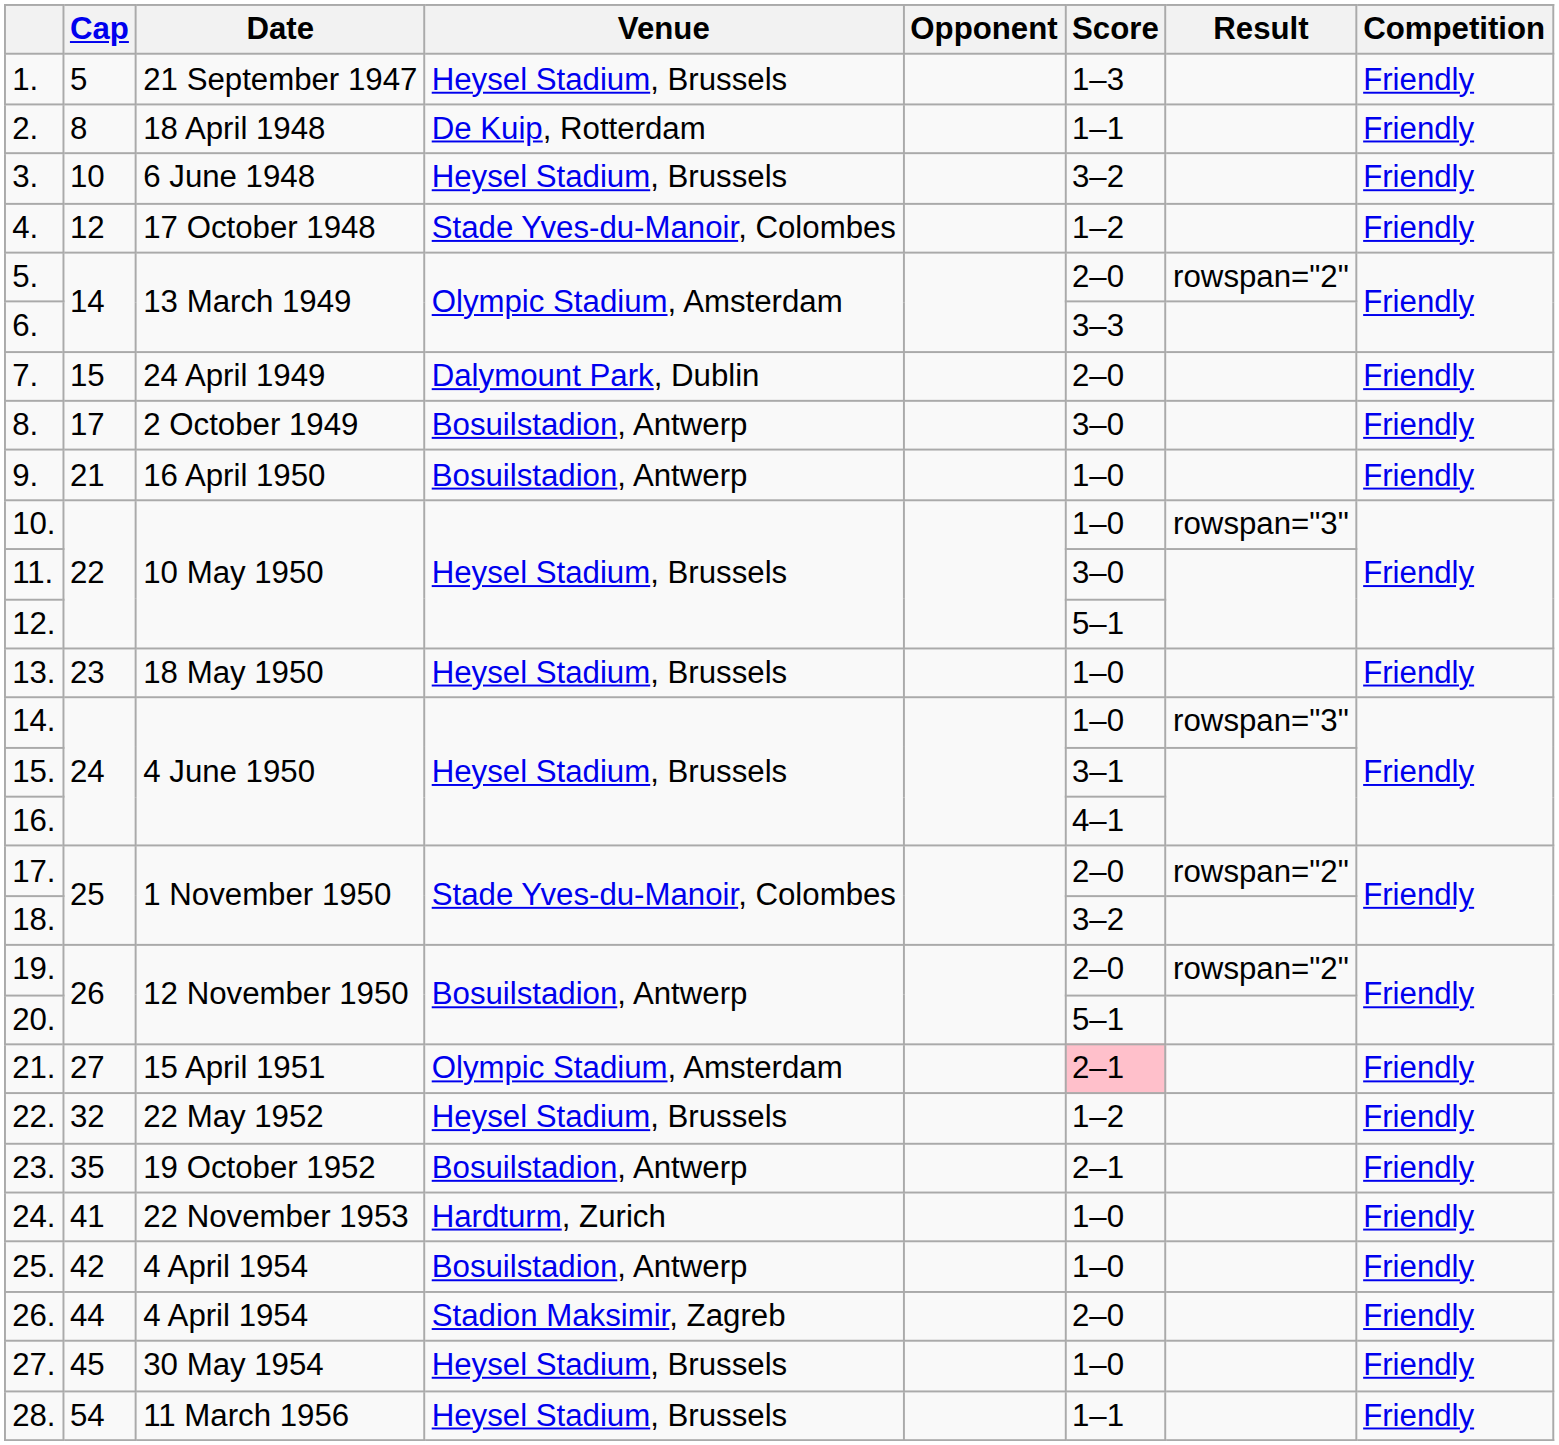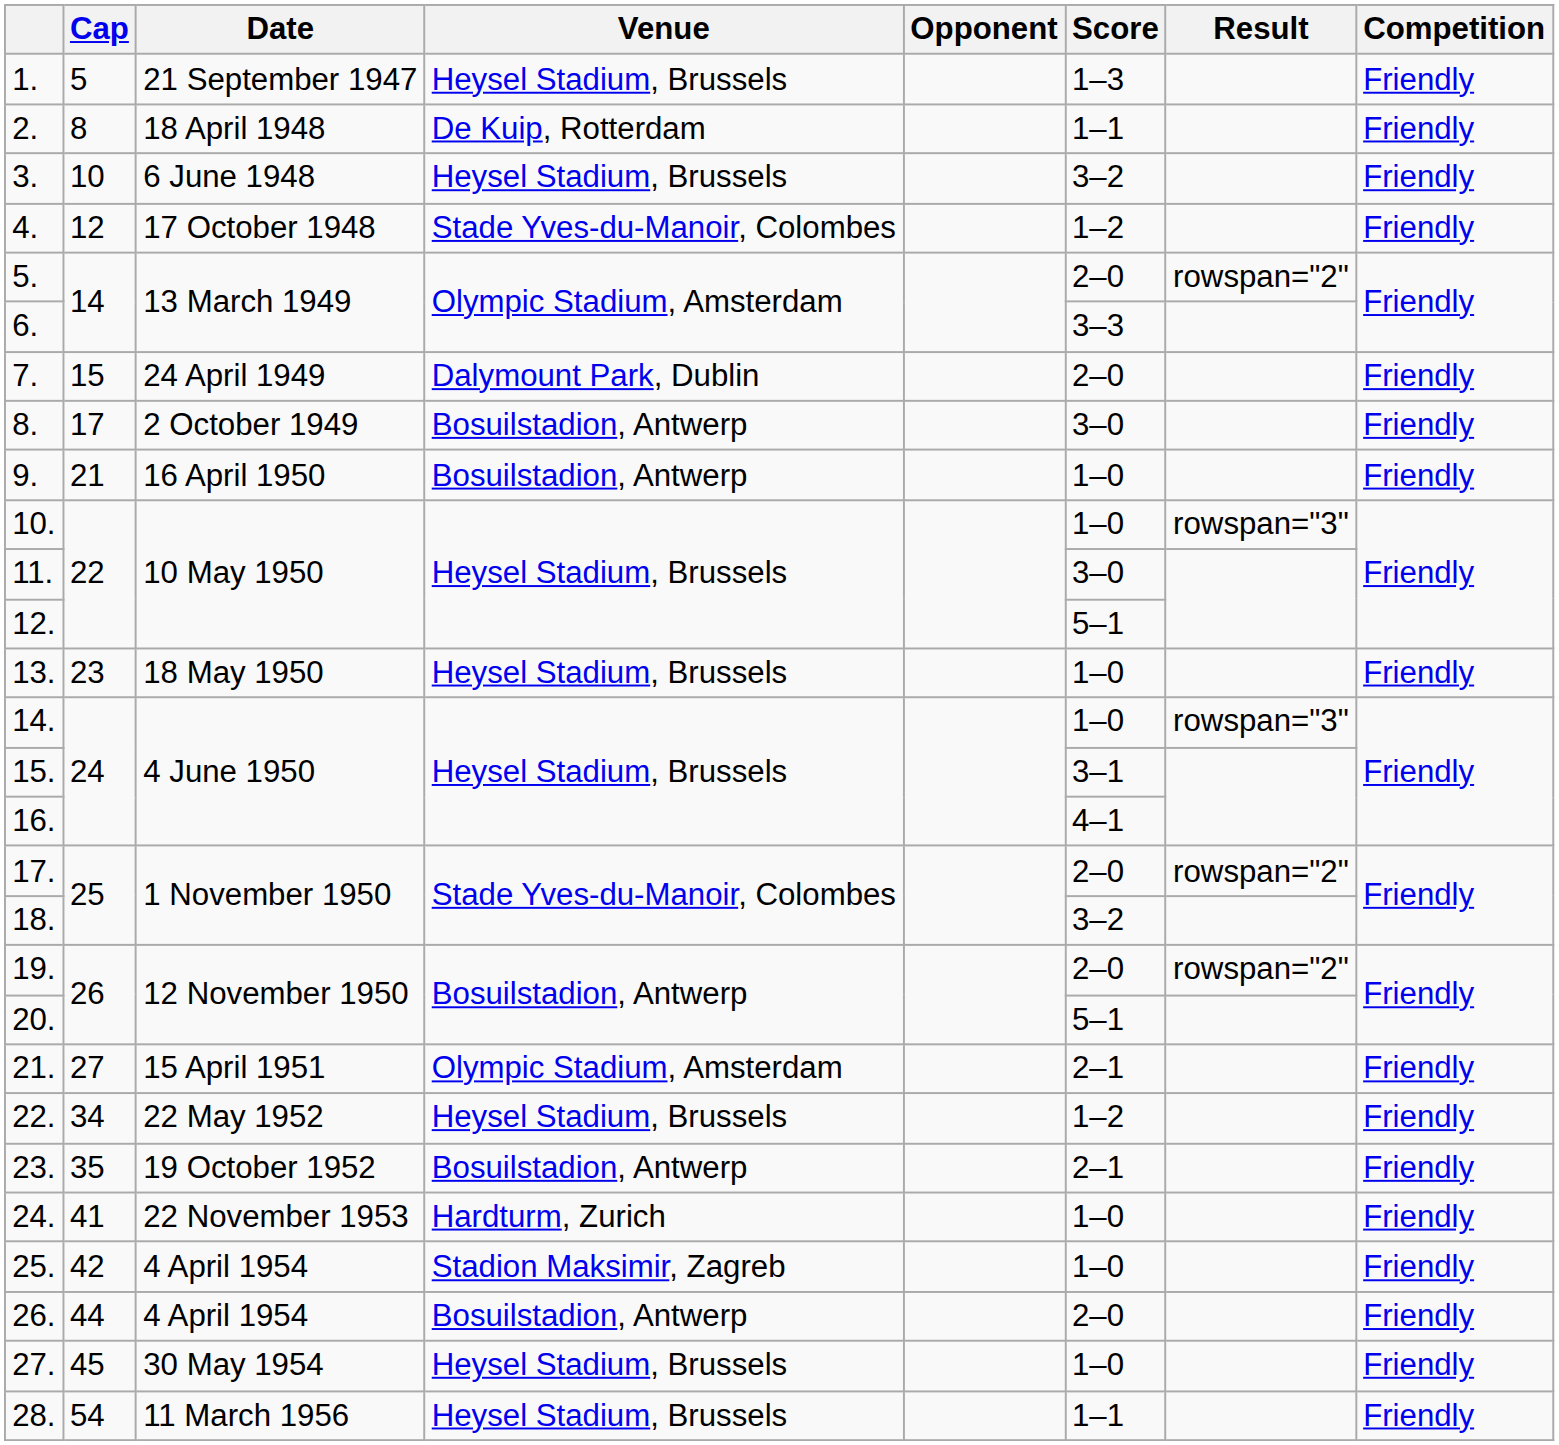 <table class="wikitable">
 <tr>
 <th scope="col"></th>
 <th scope=col><a href='#'>Cap</a></th>
 <th>Date</th>
 <th>Venue</th>
 <th>Opponent</th>
 <th>Score</th>
 <th>Result</th>
 <th>Competition</th>
 </tr>
 <tr>
 <td>1.</td>
 <td>5</td>
 <td>21 September 1947</td>
 <td><a href='#'>Heysel Stadium</a>, Brussels</td>
 <td></td>
 <td>1–3</td>
 <td></td>
 <td><a href='#'>Friendly</a></td>
 </tr>
 <tr>
 <td>2.</td>
 <td>8</td>
 <td>18 April 1948</td>
 <td><a href='#'>De Kuip</a>, Rotterdam</td>
 <td></td>
 <td>1–1</td>
 <td></td>
 <td><a href='#'>Friendly</a></td>
 </tr>
 <tr>
 <td>3.</td>
 <td>10</td>
 <td>6 June 1948</td>
 <td><a href='#'>Heysel Stadium</a>, Brussels</td>
 <td></td>
 <td>3–2</td>
 <td></td>
 <td><a href='#'>Friendly</a></td>
 </tr>
 <tr>
 <td>4.</td>
 <td>12</td>
 <td>17 October 1948</td>
 <td><a href='#'>Stade Yves-du-Manoir</a>, Colombes</td>
 <td></td>
 <td>1–2</td>
 <td></td>
 <td><a href='#'>Friendly</a></td>
 </tr>
 <tr>
 <td>5.</td>
 <td rowspan="2">14</td>
 <td rowspan="2">13 March 1949</td>
 <td rowspan="2"><a href='#'>Olympic Stadium</a>, Amsterdam</td>
 <td rowspan="2"></td>
 <td>2–0</td>
 <td>rowspan="2"</td>
 <td rowspan="2"><a href='#'>Friendly</a></td>
 </tr>
 <tr>
 <td>6.</td>
 <td>3–3</td>
 </tr>
 <tr>
 <td>7.</td>
 <td>15</td>
 <td>24 April 1949</td>
 <td><a href='#'>Dalymount Park</a>, Dublin</td>
 <td></td>
 <td>2–0</td>
 <td></td>
 <td><a href='#'>Friendly</a></td>
 </tr>
 <tr>
 <td>8.</td>
 <td>17</td>
 <td>2 October 1949</td>
 <td><a href='#'>Bosuilstadion</a>, Antwerp</td>
 <td></td>
 <td>3–0</td>
 <td></td>
 <td><a href='#'>Friendly</a></td>
 </tr>
 <tr>
 <td>9.</td>
 <td>21</td>
 <td>16 April 1950</td>
 <td><a href='#'>Bosuilstadion</a>, Antwerp</td>
 <td></td>
 <td>1–0</td>
 <td></td>
 <td><a href='#'>Friendly</a></td>
 </tr>
 <tr>
 <td>10.</td>
 <td rowspan="3">22</td>
 <td rowspan="3">10 May 1950</td>
 <td rowspan="3"><a href='#'>Heysel Stadium</a>, Brussels</td>
 <td rowspan="3"></td>
 <td>1–0</td>
 <td>rowspan="3"</td>
 <td rowspan="3"><a href='#'>Friendly</a></td>
 </tr>
 <tr>
 <td>11.</td>
 <td>3–0</td>
 </tr>
 <tr>
 <td>12.</td>
 <td>5–1</td>
 </tr>
 <tr>
 <td>13.</td>
 <td>23</td>
 <td>18 May 1950</td>
 <td><a href='#'>Heysel Stadium</a>, Brussels</td>
 <td></td>
 <td>1–0</td>
 <td></td>
 <td><a href='#'>Friendly</a></td>
 </tr>
 <tr>
 <td>14.</td>
 <td rowspan="3">24</td>
 <td rowspan="3">4 June 1950</td>
 <td rowspan="3"><a href='#'>Heysel Stadium</a>, Brussels</td>
 <td rowspan="3"></td>
 <td>1–0</td>
 <td>rowspan="3"</td>
 <td rowspan="3"><a href='#'>Friendly</a></td>
 </tr>
 <tr>
 <td>15.</td>
 <td>3–1</td>
 </tr>
 <tr>
 <td>16.</td>
 <td>4–1</td>
 </tr>
 <tr>
 <td>17.</td>
 <td rowspan="2">25</td>
 <td rowspan="2">1 November 1950</td>
 <td rowspan="2"><a href='#'>Stade Yves-du-Manoir</a>, Colombes</td>
 <td rowspan="2"></td>
 <td>2–0</td>
 <td>rowspan="2"</td>
 <td rowspan="2"><a href='#'>Friendly</a></td>
 </tr>
 <tr>
 <td>18.</td>
 <td>3–2</td>
 </tr>
 <tr>
 <td>19.</td>
 <td rowspan="2">26</td>
 <td rowspan="2">12 November 1950</td>
 <td rowspan="2"><a href='#'>Bosuilstadion</a>, Antwerp</td>
 <td rowspan="2"></td>
 <td>2–0</td>
 <td>rowspan="2"</td>
 <td rowspan="2"><a href='#'>Friendly</a></td>
 </tr>
 <tr>
 <td>20.</td>
 <td>5–1</td>
 </tr>
 <tr>
 <td>21.</td>
 <td>27</td>
 <td>15 April 1951</td>
 <td><a href='#'>Olympic Stadium</a>, Amsterdam</td>
 <td></td>
-<td style="background: pink;">2–1</td>
+<td>2–1</td>
 <td></td>
 <td><a href='#'>Friendly</a></td>
 </tr>
 <tr>
 <td>22.</td>
-<td>32</td>
+<td>34</td>
 <td>22 May 1952</td>
 <td><a href='#'>Heysel Stadium</a>, Brussels</td>
 <td></td>
 <td>1–2</td>
 <td></td>
 <td><a href='#'>Friendly</a></td>
 </tr>
 <tr>
 <td>23.</td>
 <td>35</td>
 <td>19 October 1952</td>
 <td><a href='#'>Bosuilstadion</a>, Antwerp</td>
 <td></td>
 <td>2–1</td>
 <td></td>
 <td><a href='#'>Friendly</a></td>
 </tr>
 <tr>
 <td>24.</td>
 <td>41</td>
 <td>22 November 1953</td>
 <td><a href='#'>Hardturm</a>, Zurich</td>
 <td></td>
 <td>1–0</td>
 <td></td>
 <td><a href='#'>Friendly</a></td>
 </tr>
 <tr>
 <td>25.</td>
 <td>42</td>
 <td>4 April 1954</td>
-<td><a href='#'>Bosuilstadion</a>, Antwerp</td>
+<td><a href='#'>Stadion Maksimir</a>, Zagreb</td>
 <td></td>
 <td>1–0</td>
 <td></td>
 <td><a href='#'>Friendly</a></td>
 </tr>
 <tr>
 <td>26.</td>
 <td>44</td>
 <td>4 April 1954</td>
-<td><a href='#'>Stadion Maksimir</a>, Zagreb</td>
+<td><a href='#'>Bosuilstadion</a>, Antwerp</td>
 <td></td>
 <td>2–0</td>
 <td></td>
 <td><a href='#'>Friendly</a></td>
 </tr>
 <tr>
 <td>27.</td>
 <td>45</td>
 <td>30 May 1954</td>
 <td><a href='#'>Heysel Stadium</a>, Brussels</td>
 <td></td>
 <td>1–0</td>
 <td></td>
 <td><a href='#'>Friendly</a></td>
 </tr>
 <tr>
 <td>28.</td>
 <td>54</td>
 <td>11 March 1956</td>
 <td><a href='#'>Heysel Stadium</a>, Brussels</td>
 <td></td>
 <td>1–1</td>
 <td></td>
 <td><a href='#'>Friendly</a></td>
 </tr>
 </table>
